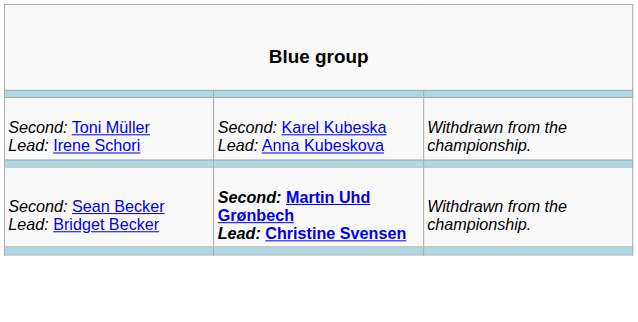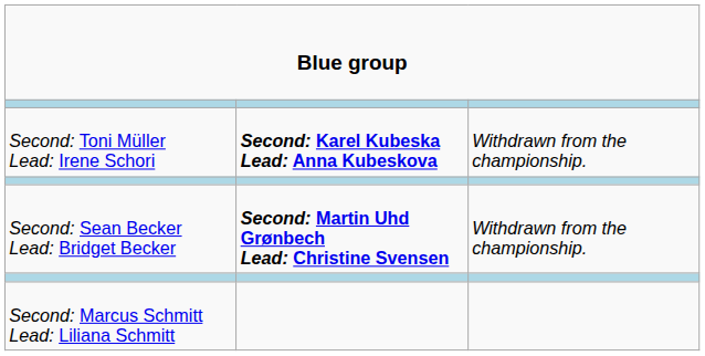 <table class="wikitable">
 <tr>
 <td align=center colspan="3"><br><h3>Blue group</h3></td>
 </tr>
 <tr>
 <th style="background: #ADD8E6;" width="200"></th>
 <th style="background: #ADD8E6;" width="200"></th>
 <th style="background: #ADD8E6;" width="200"></th>
 </tr>
 <tr>
 <td><br><em>Second:</em> <a href='#'>Toni Müller</a><br> <em>Lead:</em> <a href='#'>Irene Schori</a></td>
-<td><br><em>Second:</em> <a href='#'>Karel Kubeska</a><br> <em>Lead:</em> <a href='#'>Anna Kubeskova</a></td>
+<td><strong><br><em>Second:</em> <a href='#'>Karel Kubeska</a><br> <em>Lead:</em> <a href='#'>Anna Kubeskova</a></strong></td>
 <td><br><em>Withdrawn from the championship.</em></td>
 </tr>
 <tr>
 <th style="background: #ADD8E6;" width="200"></th>
 <th style="background: #ADD8E6;" width="200"></th>
 <th style="background: #ADD8E6;" width="200"></th>
 </tr>
 <tr>
 <td><br><em>Second:</em> <a href='#'>Sean Becker</a><br> <em>Lead:</em> <a href='#'>Bridget Becker</a></td>
 <td><strong><br><em>Second:</em> <a href='#'>Martin Uhd Grønbech</a><br> <em>Lead:</em> <a href='#'>Christine Svensen</a></strong></td>
 <td><br><em>Withdrawn from the championship.</em></td>
 </tr>
 <tr>
 <th style="background: #ADD8E6;" width="200"></th>
 <th style="background: #ADD8E6;" width="200"></th>
 <th style="background: #ADD8E6;" width="200"></th>
 </tr>
+<tr>
+<td><br><em>Second:</em> <a href='#'>Marcus Schmitt</a><br> <em>Lead:</em> <a href='#'>Liliana Schmitt</a></td>
+<td></td>
+<td></td>
+</tr>
 </table>
